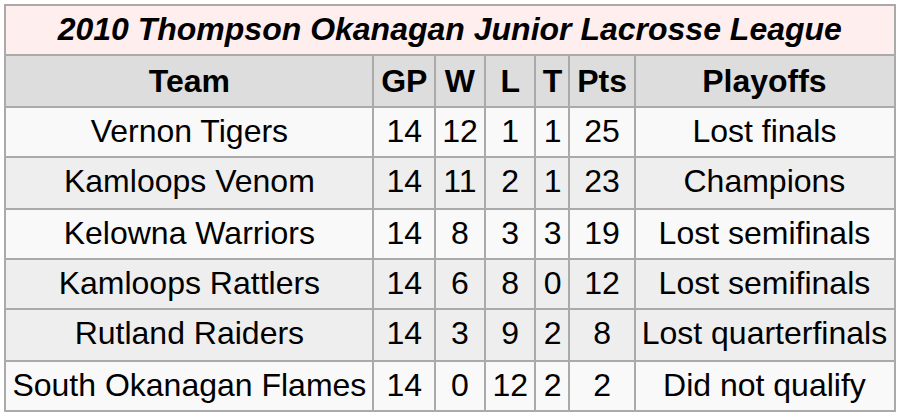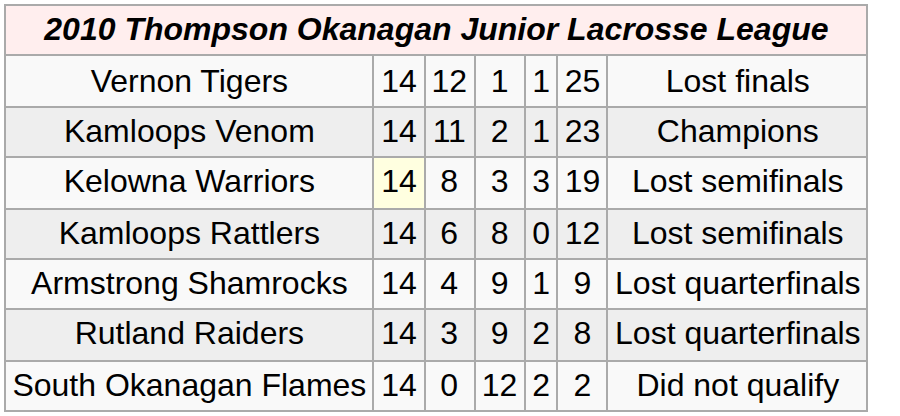 <table class="wikitable">
 <tr align="center" bgcolor="#ffeeee">
 <td colspan="7”"><strong><em>2010 Thompson Okanagan Junior Lacrosse League</em></strong></td>
-</tr>
-<tr align="center"  bgcolor="#dddddd">
-<td><strong>Team </strong></td>
-<td><strong> GP </strong></td>
-<td><strong> W </strong></td>
-<td><strong> L </strong></td>
-<td><strong> T </strong></td>
-<td><strong>Pts</strong></td>
-<td><strong>Playoffs</strong></td>
 </tr>
 <tr align="center">
 <td>Vernon Tigers</td>
 <td>14</td>
 <td>12</td>
 <td>1</td>
 <td>1</td>
 <td>25</td>
 <td>Lost finals</td>
 </tr>
 <tr align="center" bgcolor="#eeeeee">
 <td>Kamloops Venom</td>
 <td>14</td>
 <td>11</td>
 <td>2</td>
 <td>1</td>
 <td>23</td>
 <td>Champions</td>
 </tr>
 <tr align="center">
 <td>Kelowna Warriors</td>
-<td>14</td>
+<td style="background: lightyellow;">14</td>
 <td>8</td>
 <td>3</td>
 <td>3</td>
 <td>19</td>
 <td>Lost semifinals</td>
 </tr>
 <tr align="center" bgcolor="#eeeeee">
 <td>Kamloops Rattlers</td>
 <td>14</td>
 <td>6</td>
 <td>8</td>
 <td>0</td>
 <td>12</td>
 <td>Lost semifinals</td>
+</tr>
+<tr align="center">
+<td>Armstrong Shamrocks</td>
+<td>14</td>
+<td>4</td>
+<td>9</td>
+<td>1</td>
+<td>9</td>
+<td>Lost quarterfinals</td>
 </tr>
 <tr align="center" bgcolor="#eeeeee">
 <td>Rutland Raiders</td>
 <td>14</td>
 <td>3</td>
 <td>9</td>
 <td>2</td>
 <td>8</td>
 <td>Lost quarterfinals</td>
 </tr>
 <tr align="center">
 <td>South Okanagan Flames</td>
 <td>14</td>
 <td>0</td>
 <td>12</td>
 <td>2</td>
 <td>2</td>
 <td>Did not qualify</td>
 </tr>
 </table>
